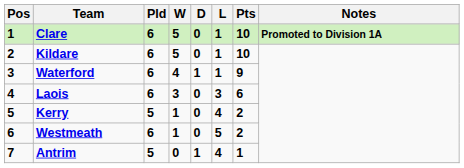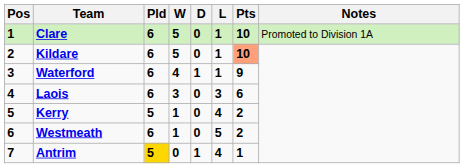 <table class="wikitable" style="text-align: centre;">
 <tr>
 <th width=20>Pos</th>
 <th width=135>Team</th>
 <th width=20>Pld</th>
 <th width=20>W</th>
 <th width=20>D</th>
 <th width=20>L</th>
 <th width=20>Pts</th>
 <th width=250>Notes</th>
 </tr>
 <tr style="background:#d0f0c0;">
 <td><strong>1</strong></td>
 <td align=left><strong> <a href='#'>Clare</a> </strong></td>
 <td><strong>6</strong></td>
 <td><strong>5</strong></td>
 <td><strong>0</strong></td>
 <td><strong>1</strong></td>
 <td><strong>10</strong></td>
-<td><strong><small> Promoted to Division 1A</small></strong></td>
+<td><small> Promoted to Division 1A</small></td>
 </tr>
 <tr style>
 <td><strong>2</strong></td>
 <td align=left><strong> <a href='#'>Kildare</a> </strong></td>
 <td><strong>6</strong></td>
 <td><strong>5</strong></td>
 <td><strong>0</strong></td>
 <td><strong>1</strong></td>
-<td><strong>10</strong></td>
+<td style="background: lightsalmon;"><strong>10</strong></td>
 </tr>
 <tr style>
 <td><strong>3</strong></td>
 <td align=left><strong> <a href='#'>Waterford</a> </strong></td>
 <td><strong>6</strong></td>
 <td><strong>4</strong></td>
 <td><strong>1</strong></td>
 <td><strong>1</strong></td>
 <td><strong>9</strong></td>
 </tr>
 <tr style>
 <td><strong>4</strong></td>
 <td align=left><strong> <a href='#'>Laois</a> </strong></td>
 <td><strong>6</strong></td>
 <td><strong>3</strong></td>
 <td><strong>0</strong></td>
 <td><strong>3</strong></td>
 <td><strong>6</strong></td>
 </tr>
 <tr style>
 <td><strong>5</strong></td>
 <td align=left><strong> <a href='#'>Kerry</a> </strong></td>
 <td><strong>5</strong></td>
 <td><strong>1</strong></td>
 <td><strong>0</strong></td>
 <td><strong>4</strong></td>
 <td><strong>2</strong></td>
 </tr>
 <tr style>
 <td><strong>6</strong></td>
 <td align=left><strong> <a href='#'>Westmeath</a> </strong></td>
 <td><strong>6</strong></td>
 <td><strong>1</strong></td>
 <td><strong>0</strong></td>
 <td><strong>5</strong></td>
 <td><strong>2</strong></td>
 </tr>
 <tr style>
 <td><strong>7</strong></td>
 <td align=left><strong> <a href='#'>Antrim</a> </strong></td>
-<td><strong>5</strong></td>
+<td style="background: gold;"><strong>5</strong></td>
 <td><strong>0</strong></td>
 <td><strong>1</strong></td>
 <td><strong>4</strong></td>
 <td><strong>1</strong></td>
 </tr>
 </table>
